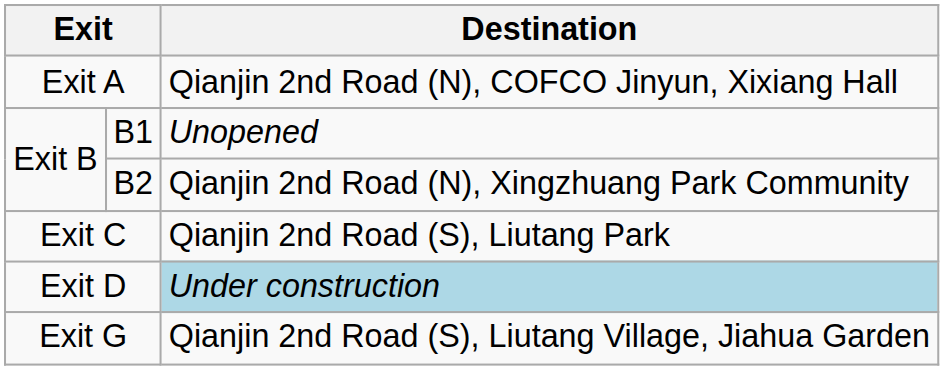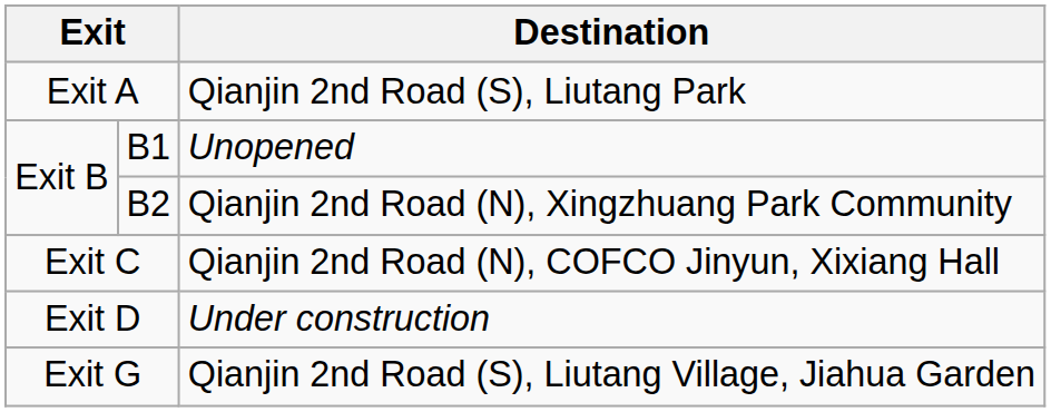 <table class="wikitable">
 <tr>
 <th style="width:70px" colspan=2>Exit</th>
 <th>Destination</th>
 </tr>
 <tr>
 <td align=center colspan=2>Exit A</td>
-<td>Qianjin 2nd Road (N), COFCO Jinyun, Xixiang Hall</td>
+<td>Qianjin 2nd Road (S), Liutang Park</td>
 </tr>
 <tr>
 <td align=center rowspan=2>Exit B</td>
 <td>B1</td>
 <td><em>Unopened</em></td>
 </tr>
 <tr>
 <td>B2</td>
 <td>Qianjin 2nd Road (N), Xingzhuang Park Community</td>
 </tr>
 <tr>
 <td align=center colspan=2>Exit C</td>
-<td>Qianjin 2nd Road (S), Liutang Park</td>
+<td>Qianjin 2nd Road (N), COFCO Jinyun, Xixiang Hall</td>
 </tr>
 <tr>
 <td align=center colspan=2>Exit D</td>
-<td style="background: lightblue;"><em>Under construction</em></td>
+<td><em>Under construction</em></td>
 </tr>
 <tr>
 <td align=center colspan=2>Exit G</td>
 <td>Qianjin 2nd Road (S), Liutang Village, Jiahua Garden</td>
 </tr>
 </table>
